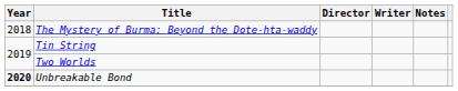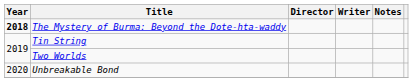 <table class="wikitable">
 <tr>
 <th>Year</th>
 <th>Title</th>
 <th>Director</th>
 <th>Writer</th>
 <th>Notes</th>
 <th></th>
 </tr>
 <tr>
-<td>2018</td>
+<td><strong>2018</strong></td>
 <td><em><a href='#'>The Mystery of Burma: Beyond the Dote-hta-waddy</a></em></td>
 <td></td>
 <td></td>
 <td></td>
 <td style="text-align:center;"></td>
 </tr>
 <tr>
 <td rowspan="2">2019</td>
 <td><em><a href='#'>Tin String</a></em></td>
 <td></td>
 <td></td>
 <td></td>
 <td style="text-align:center;"></td>
 </tr>
 <tr>
 <td><em><a href='#'>Two Worlds</a></em></td>
 <td></td>
 <td></td>
 <td></td>
 <td style="text-align:center;"></td>
 </tr>
 <tr>
-<td><strong>2020</strong></td>
+<td>2020</td>
 <td><em>Unbreakable Bond </em></td>
 <td></td>
 <td></td>
 <td></td>
 <td style="text-align:center;"></td>
 </tr>
 <tr>
 </tr>
 </table>
